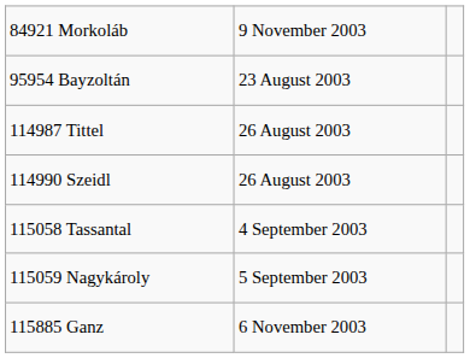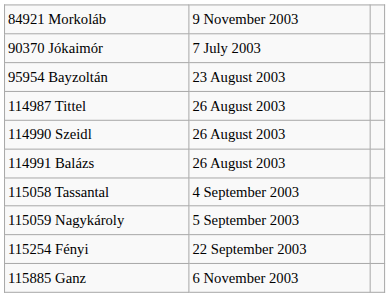 <table class="wikitable" style="font-size: 89%; float: left; width: 26em; margin-right: 1em; height: 280px;">
 <tr>
 <td>84921 Morkoláb</td>
 <td>9 November 2003</td>
+<td> </td>
+</tr>
+<tr>
+<td>90370 Jókaimór</td>
+<td>7 July 2003</td>
 <td> </td>
 </tr>
 <tr>
 <td>95954 Bayzoltán</td>
 <td>23 August 2003</td>
 <td> </td>
 </tr>
 <tr>
 <td>114987 Tittel</td>
 <td>26 August 2003</td>
 <td> </td>
 </tr>
 <tr>
 <td>114990 Szeidl</td>
 <td>26 August 2003</td>
 <td> </td>
 </tr>
 <tr>
+<td>114991 Balázs</td>
+<td>26 August 2003</td>
+<td> </td>
+</tr>
+<tr>
 <td>115058 Tassantal</td>
 <td>4 September 2003</td>
 <td> </td>
 </tr>
 <tr>
 <td>115059 Nagykároly</td>
 <td>5 September 2003</td>
 <td> </td>
 </tr>
 <tr>
+<td>115254 Fényi</td>
+<td>22 September 2003</td>
+<td> </td>
+</tr>
+<tr>
 <td>115885 Ganz</td>
 <td>6 November 2003</td>
 <td> </td>
 </tr>
 </table>
